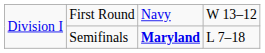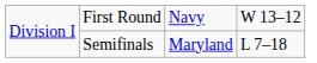 <table class="wikitable">
 <tr>
 <td rowspan="5"><a href='#'>Division I</a></td>
 <td>First Round</td>
 <td><a href='#'>Navy</a></td>
 <td>W 13–12 </td>
 </tr>
 <tr>
 <td>Semifinals</td>
-<td><strong><a href='#'>Maryland</a></strong></td>
+<td><a href='#'>Maryland</a></td>
 <td>L 7–18</td>
 </tr>
 </table>
